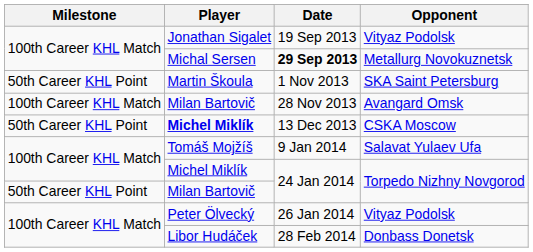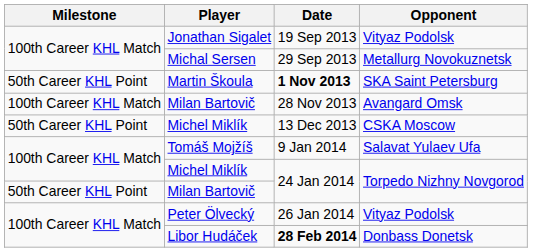 <table class="wikitable">
 <tr>
 <th>Milestone</th>
 <th>Player</th>
 <th>Date</th>
 <th>Opponent</th>
 </tr>
 <tr>
 <td rowspan=2>100th Career <a href='#'>KHL</a> Match</td>
 <td> <a href='#'>Jonathan Sigalet</a></td>
 <td>19 Sep 2013</td>
 <td><a href='#'>Vityaz Podolsk</a></td>
 </tr>
 <tr>
 <td> <a href='#'>Michal Sersen</a></td>
-<td><strong>29 Sep 2013</strong></td>
+<td>29 Sep 2013</td>
 <td><a href='#'>Metallurg Novokuznetsk</a></td>
 </tr>
 <tr>
 <td>50th Career <a href='#'>KHL</a> Point</td>
 <td> <a href='#'>Martin Škoula</a></td>
-<td>1 Nov 2013</td>
+<td><strong>1 Nov 2013</strong></td>
 <td><a href='#'>SKA Saint Petersburg</a></td>
 </tr>
 <tr>
 <td>100th Career <a href='#'>KHL</a> Match</td>
 <td> <a href='#'>Milan Bartovič</a></td>
 <td>28 Nov 2013</td>
 <td><a href='#'>Avangard Omsk</a></td>
 </tr>
 <tr>
 <td>50th Career <a href='#'>KHL</a> Point</td>
-<td><strong> <a href='#'>Michel Miklík</a></strong></td>
+<td> <a href='#'>Michel Miklík</a></td>
 <td>13 Dec 2013</td>
 <td><a href='#'>CSKA Moscow</a></td>
 </tr>
 <tr>
 <td rowspan=2>100th Career <a href='#'>KHL</a> Match</td>
 <td> <a href='#'>Tomáš Mojžíš</a></td>
 <td>9 Jan 2014</td>
 <td><a href='#'>Salavat Yulaev Ufa</a></td>
 </tr>
 <tr>
 <td> <a href='#'>Michel Miklík</a></td>
 <td rowspan=2>24 Jan 2014</td>
 <td rowspan=2><a href='#'>Torpedo Nizhny Novgorod</a></td>
 </tr>
 <tr>
 <td>50th Career <a href='#'>KHL</a> Point</td>
 <td> <a href='#'>Milan Bartovič</a></td>
 </tr>
 <tr>
 <td rowspan=2>100th Career <a href='#'>KHL</a> Match</td>
 <td> <a href='#'>Peter Ölvecký</a></td>
 <td>26 Jan 2014</td>
 <td><a href='#'>Vityaz Podolsk</a></td>
 </tr>
 <tr>
 <td> <a href='#'>Libor Hudáček</a></td>
-<td>28 Feb 2014</td>
+<td><strong>28 Feb 2014</strong></td>
 <td><a href='#'>Donbass Donetsk</a></td>
 </tr>
 </table>
